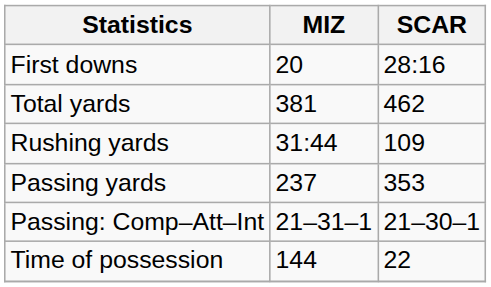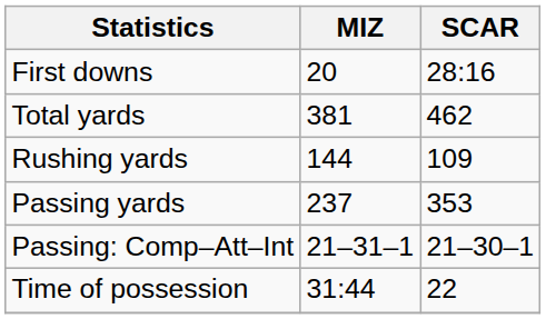 <table class="wikitable" style="float: left;">
 <tr>
 <th>Statistics</th>
 <th>MIZ</th>
 <th>SCAR</th>
 </tr>
 <tr>
 <td>First downs</td>
 <td>20</td>
 <td>28:16</td>
 </tr>
 <tr>
 <td>Total yards</td>
 <td>381</td>
 <td>462</td>
 </tr>
 <tr>
 <td>Rushing yards</td>
-<td>31:44</td>
+<td>144</td>
 <td>109</td>
 </tr>
 <tr>
 <td>Passing yards</td>
 <td>237</td>
 <td>353</td>
 </tr>
 <tr>
 <td>Passing: Comp–Att–Int</td>
 <td>21–31–1</td>
 <td>21–30–1</td>
 </tr>
 <tr>
 <td>Time of possession</td>
-<td>144</td>
+<td>31:44</td>
 <td>22</td>
 </tr>
 <tr>
 </tr>
 </table>
